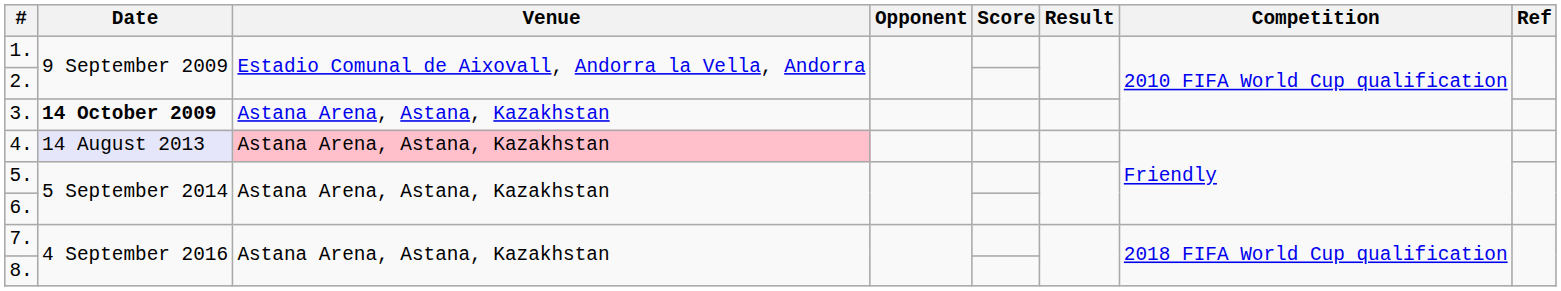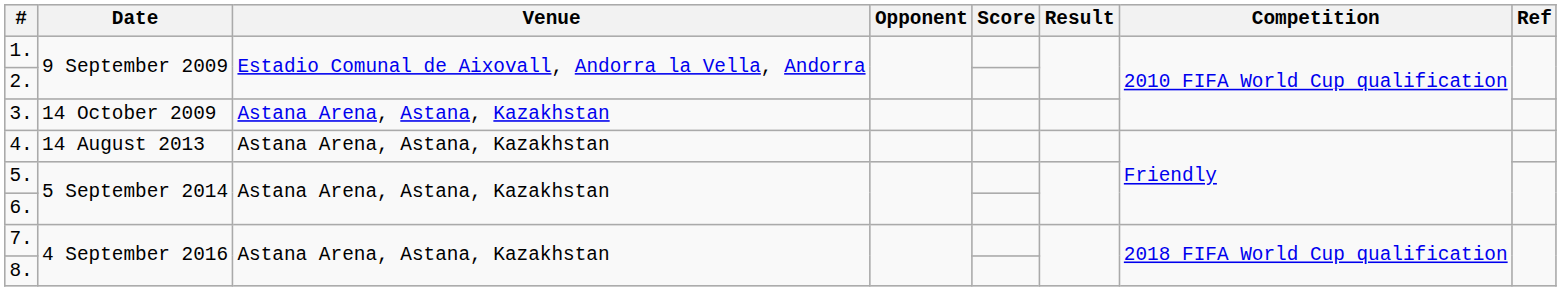 <table class="wikitable" style="font-size:95%;">
 <tr>
 <th>#</th>
 <th>Date</th>
 <th>Venue</th>
 <th>Opponent</th>
 <th>Score</th>
 <th>Result</th>
 <th>Competition</th>
 <th>Ref</th>
 </tr>
 <tr>
 <td>1.</td>
 <td rowspan="2">9 September 2009</td>
 <td rowspan="2"><a href='#'>Estadio Comunal de Aixovall</a>, <a href='#'>Andorra la Vella</a>, <a href='#'>Andorra</a></td>
 <td rowspan="2"></td>
 <td></td>
 <td rowspan="2"></td>
 <td rowspan="3"><a href='#'>2010 FIFA World Cup qualification</a></td>
 <td rowspan="2"></td>
 </tr>
 <tr>
 <td>2.</td>
 <td></td>
 </tr>
 <tr>
 <td>3.</td>
-<td><strong>14 October 2009</strong></td>
+<td>14 October 2009</td>
 <td><a href='#'>Astana Arena</a>, <a href='#'>Astana</a>, <a href='#'>Kazakhstan</a></td>
 <td></td>
 <td></td>
 <td></td>
 <td></td>
 </tr>
 <tr>
 <td>4.</td>
-<td style="background: lavender;">14 August 2013</td>
-<td style="background: pink;">Astana Arena, Astana, Kazakhstan</td>
+<td>14 August 2013</td>
+<td>Astana Arena, Astana, Kazakhstan</td>
 <td></td>
 <td></td>
 <td></td>
 <td rowspan="3"><a href='#'>Friendly</a></td>
 <td></td>
 </tr>
 <tr>
 <td>5.</td>
 <td rowspan="2">5 September 2014</td>
 <td rowspan="2">Astana Arena, Astana, Kazakhstan</td>
 <td rowspan="2"></td>
 <td></td>
 <td rowspan="2"></td>
 <td rowspan="2"></td>
 </tr>
 <tr>
 <td>6.</td>
 <td></td>
 </tr>
 <tr>
 <td>7.</td>
 <td rowspan="2">4 September 2016</td>
 <td rowspan="2">Astana Arena, Astana, Kazakhstan</td>
 <td rowspan="2"></td>
 <td></td>
 <td rowspan="2"></td>
 <td rowspan="2"><a href='#'>2018 FIFA World Cup qualification</a></td>
 <td rowspan="2"></td>
 </tr>
 <tr>
 <td>8.</td>
 <td></td>
 </tr>
 </table>
